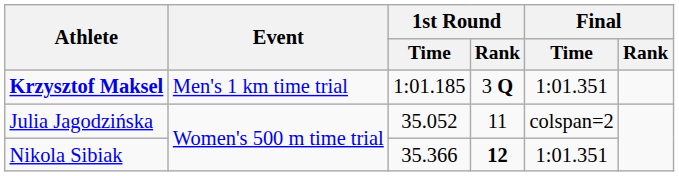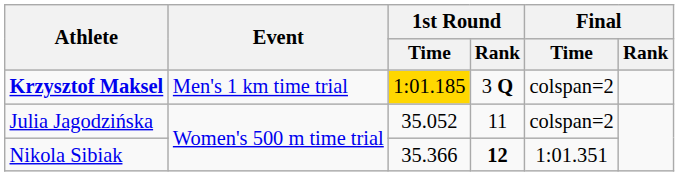 <table class="wikitable" style="font-size:90%">
 <tr>
 <th rowspan=2>Athlete</th>
 <th rowspan=2>Event</th>
 <th colspan=2>1st Round</th>
 <th colspan=2>Final</th>
 </tr>
 <tr style="font-size:95%">
 <th>Time</th>
 <th>Rank</th>
 <th>Time</th>
 <th>Rank</th>
 </tr>
 <tr align=center>
 <td align=left><strong><a href='#'>Krzysztof Maksel</a></strong></td>
 <td align=left><a href='#'>Men's 1 km time trial</a></td>
-<td>1:01.185</td>
+<td style="background: gold;">1:01.185</td>
 <td>3 <strong>Q</strong></td>
-<td>1:01.351</td>
+<td>colspan=2 </td>
 <td></td>
 </tr>
 <tr align=center>
 <td align=left><a href='#'>Julia Jagodzińska</a></td>
 <td align=left rowspan=2><a href='#'>Women's 500 m time trial</a></td>
 <td>35.052</td>
 <td>11</td>
 <td>colspan=2 </td>
 </tr>
 <tr align=center>
 <td align=left><a href='#'>Nikola Sibiak</a></td>
 <td>35.366</td>
 <td><strong>12</strong></td>
 <td>1:01.351</td>
 </tr>
 </table>
